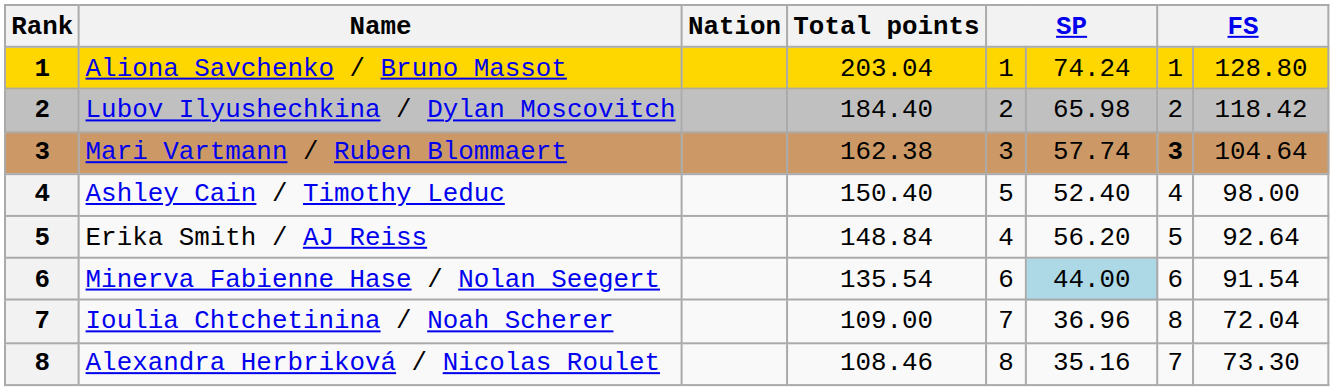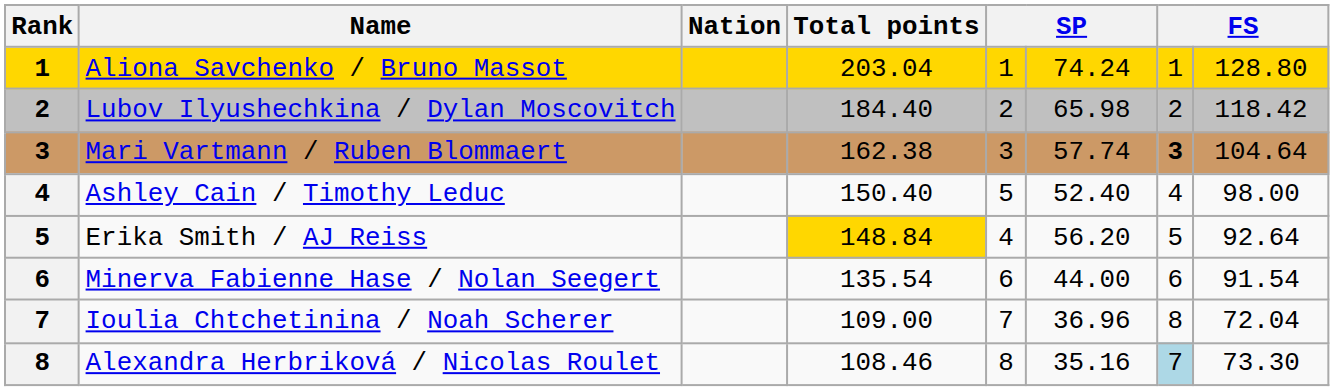 <table class="wikitable sortable">
 <tr>
 <th>Rank</th>
 <th>Name</th>
 <th>Nation</th>
 <th>Total points</th>
 <th colspan="2" width="80px"><a href='#'>SP</a></th>
 <th colspan="2" width="80px"><a href='#'>FS</a></th>
 </tr>
 <tr bgcolor="gold">
 <td align="center"><strong>1</strong></td>
 <td><a href='#'>Aliona Savchenko</a> / <a href='#'>Bruno Massot</a></td>
 <td></td>
 <td align="center">203.04</td>
 <td align="center">1</td>
 <td align="center">74.24</td>
 <td align="center">1</td>
 <td align="center">128.80</td>
 </tr>
 <tr bgcolor="silver">
 <td align="center"><strong>2</strong></td>
 <td><a href='#'>Lubov Ilyushechkina</a> / <a href='#'>Dylan Moscovitch</a></td>
 <td></td>
 <td align="center">184.40</td>
 <td align="center">2</td>
 <td align="center">65.98</td>
 <td align="center">2</td>
 <td align="center">118.42</td>
 </tr>
 <tr bgcolor="cc9966">
 <td align="center"><strong>3</strong></td>
 <td><a href='#'>Mari Vartmann</a> / <a href='#'>Ruben Blommaert</a></td>
 <td></td>
 <td align="center">162.38</td>
 <td align="center">3</td>
 <td align="center">57.74</td>
 <td align="center"><strong>3</strong></td>
 <td align="center">104.64</td>
 </tr>
 <tr>
 <th>4</th>
 <td><a href='#'>Ashley Cain</a> / <a href='#'>Timothy Leduc</a></td>
 <td></td>
 <td align="center">150.40</td>
 <td align="center">5</td>
 <td align="center">52.40</td>
 <td align="center">4</td>
 <td align="center">98.00</td>
 </tr>
 <tr>
 <th>5</th>
 <td>Erika Smith / <a href='#'>AJ Reiss</a></td>
 <td></td>
-<td align="center">148.84</td>
+<td align="center" style="background: gold;">148.84</td>
 <td align="center">4</td>
 <td align="center">56.20</td>
 <td align="center">5</td>
 <td align="center">92.64</td>
 </tr>
 <tr>
 <th>6</th>
 <td><a href='#'>Minerva Fabienne Hase</a> / <a href='#'>Nolan Seegert</a></td>
 <td></td>
 <td align="center">135.54</td>
 <td align="center">6</td>
-<td align="center" style="background: lightblue;">44.00</td>
+<td align="center">44.00</td>
 <td align="center">6</td>
 <td align="center">91.54</td>
 </tr>
 <tr>
 <th>7</th>
 <td><a href='#'>Ioulia Chtchetinina</a> / <a href='#'>Noah Scherer</a></td>
 <td></td>
 <td align="center">109.00</td>
 <td align="center">7</td>
 <td align="center">36.96</td>
 <td align="center">8</td>
 <td align="center">72.04</td>
 </tr>
 <tr>
 <th>8</th>
 <td><a href='#'>Alexandra Herbriková</a> / <a href='#'>Nicolas Roulet</a></td>
 <td></td>
 <td align="center">108.46</td>
 <td align="center">8</td>
 <td align="center">35.16</td>
-<td align="center">7</td>
+<td align="center" style="background: lightblue;">7</td>
 <td align="center">73.30</td>
 </tr>
 </table>
